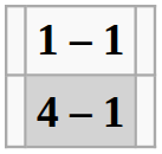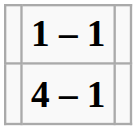 <table class = "wikitable"  style="text-align:left;">
 <tr>
 <td><strong></strong></td>
 <td><strong>1 – 1</strong></td>
 <td align=left></td>
 </tr>
 <tr>
 <td><strong></strong></td>
-<td style="background: lightgrey;"><strong>4 – 1</strong></td>
+<td><strong>4 – 1</strong></td>
 <td align=left></td>
 </tr>
 </table>
